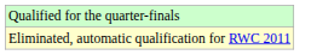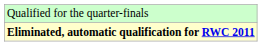 <table class="wikitable">
 <tr>
 <td bgcolor="#ccffcc">Qualified for the quarter-finals</td>
 </tr>
 <tr>
-<td bgcolor="#ffffcc">Eliminated, automatic qualification for <a href='#'>RWC 2011</a></td>
+<td bgcolor="#ffffcc"><strong>Eliminated, automatic qualification for <a href='#'>RWC 2011</a></strong></td>
 </tr>
 </table>
